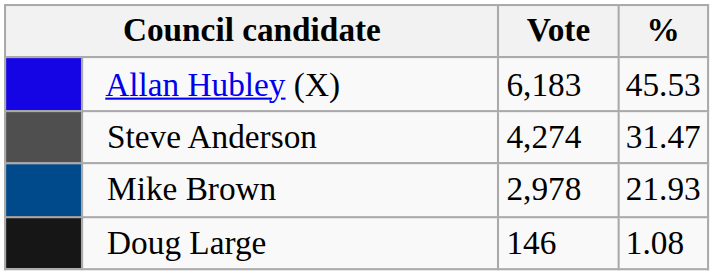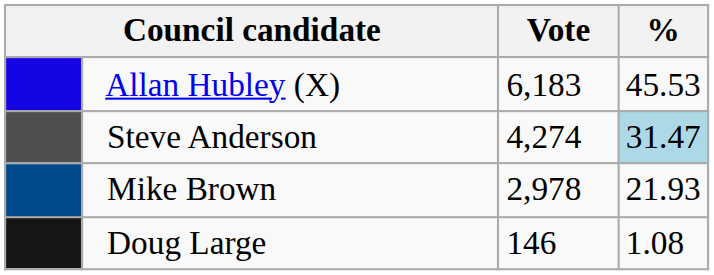 <table class="wikitable">
 <tr>
 <th bgcolor="#DDDDFF" width="230px" colspan="2">Council candidate</th>
 <th bgcolor="#DDDDFF" width="50px">Vote</th>
 <th bgcolor="#DDDDFF" width="30px">%</th>
 </tr>
 <tr>
 <td bgcolor=#1505E5 width="30px"> </td>
 <td>  <a href='#'>Allan Hubley</a> (X)</td>
 <td>6,183</td>
 <td>45.53</td>
 </tr>
 <tr>
 <td bgcolor=#4F4F4F width="30px"> </td>
 <td>  Steve Anderson</td>
 <td>4,274</td>
-<td>31.47</td>
+<td style="background: lightblue;">31.47</td>
 </tr>
 <tr>
 <td bgcolor=#004A8B width="30px"> </td>
 <td>  Mike Brown</td>
 <td>2,978</td>
 <td>21.93</td>
 </tr>
 <tr>
 <td bgcolor=#161616 width="30px"> </td>
 <td>  Doug Large</td>
 <td>146</td>
 <td>1.08</td>
 </tr>
 </table>
